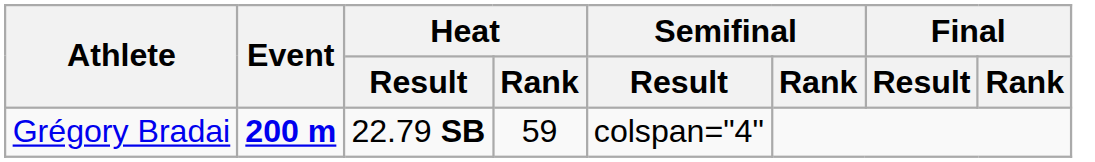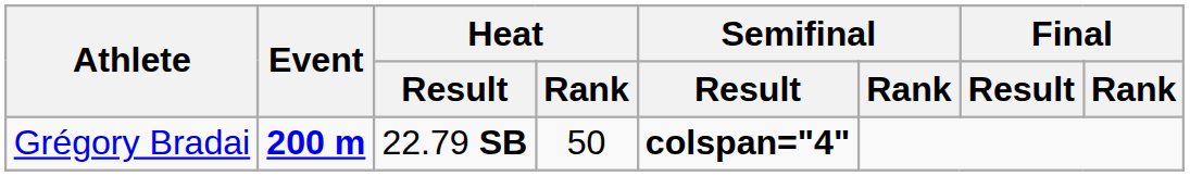 <table class="wikitable" style="font-size:90%">
 <tr>
 <th rowspan="2">Athlete</th>
 <th rowspan="2">Event</th>
 <th colspan="2">Heat</th>
 <th colspan="2">Semifinal</th>
 <th colspan="2">Final</th>
 </tr>
 <tr>
 <th>Result</th>
 <th>Rank</th>
 <th>Result</th>
 <th>Rank</th>
 <th>Result</th>
 <th>Rank</th>
 </tr>
 <tr style=text-align:center>
 <td style=text-align:left><a href='#'>Grégory Bradai</a></td>
 <td style=text-align:left><strong><a href='#'>200 m</a></strong></td>
 <td>22.79 <strong>SB</strong></td>
-<td>59</td>
-<td>colspan="4" </td>
+<td>50</td>
+<td><strong>colspan="4" </strong></td>
 </tr>
 </table>
